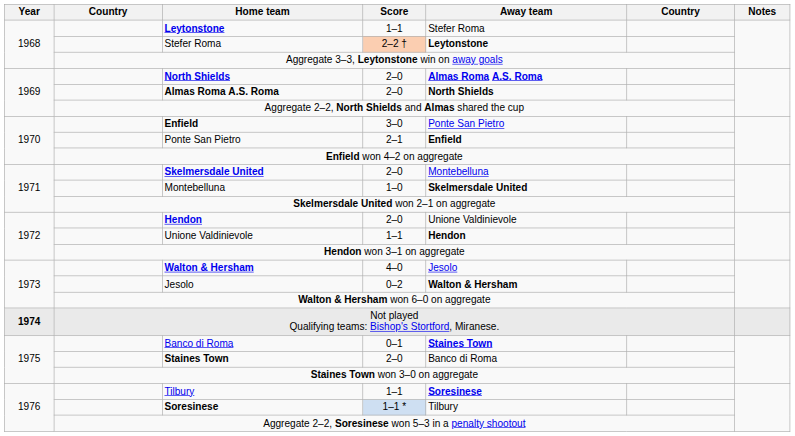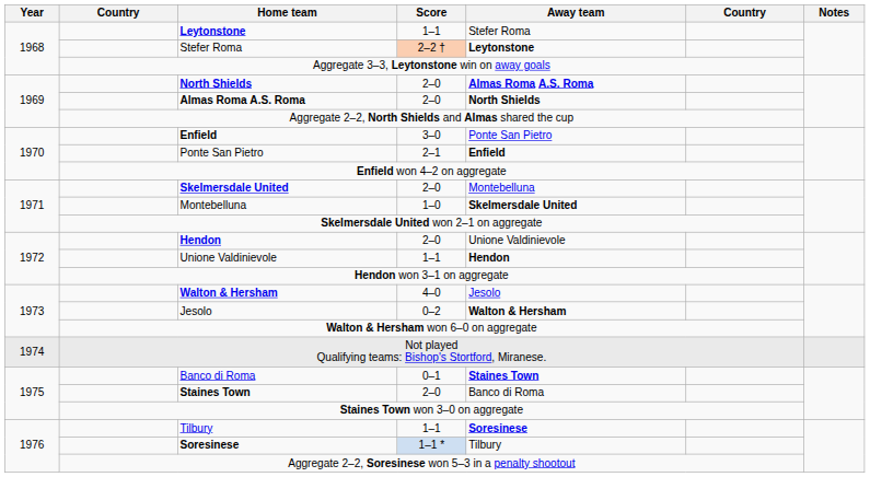 <table class="wikitable">
 <tr>
 <th width=3%>Year</th>
 <th width=7%>Country</th>
 <th width=13%>Home team</th>
 <th width=4%>Score</th>
 <th width=13%>Away team</th>
 <th width=7%>Country</th>
 <th width=3% class="unsortable">Notes</th>
 </tr>
 <tr>
 <td rowspan=3 align=center>1968</td>
 <td></td>
 <td><strong><a href='#'>Leytonstone</a></strong></td>
 <td align=center>1–1</td>
 <td>Stefer Roma</td>
 <td></td>
 <td rowspan=3 align=center></td>
 </tr>
 <tr>
 <td></td>
 <td>Stefer Roma</td>
 <td align=center style="background-color:#FBCEB1">2–2 †</td>
 <td><strong>Leytonstone</strong></td>
 <td></td>
 </tr>
 <tr>
 <td colspan=5 align=center>Aggregate 3–3, <strong>Leytonstone</strong> win on <a href='#'>away goals</a></td>
 </tr>
 <tr>
 <td rowspan=3 align=center>1969</td>
 <td></td>
 <td><strong><a href='#'>North Shields</a></strong></td>
 <td align=center>2–0</td>
 <td><strong><a href='#'>Almas Roma</a></strong> <strong><a href='#'>A.S. Roma</a></strong></td>
 <td></td>
 <td rowspan=3 align=center></td>
 </tr>
 <tr>
 <td></td>
 <td><strong>Almas Roma</strong> <strong>A.S. Roma</strong></td>
 <td align=center>2–0</td>
 <td><strong>North Shields</strong></td>
 <td></td>
 </tr>
 <tr>
 <td colspan=5 align=center>Aggregate 2–2, <strong>North Shields</strong> and <strong>Almas</strong> shared the cup</td>
 </tr>
 <tr>
 <td rowspan=3 align=center>1970</td>
 <td></td>
 <td><strong>Enfield</strong></td>
 <td align=center>3–0</td>
 <td><a href='#'>Ponte San Pietro</a></td>
 <td></td>
 <td rowspan=3 align=center></td>
 </tr>
 <tr>
 <td></td>
 <td>Ponte San Pietro</td>
 <td align=center>2–1</td>
 <td><strong>Enfield</strong></td>
 <td></td>
 </tr>
 <tr>
 <td colspan=5 align=center><strong>Enfield</strong> won 4–2 on aggregate</td>
 </tr>
 <tr>
 <td rowspan=3 align=center>1971</td>
 <td></td>
 <td><strong><a href='#'>Skelmersdale United</a></strong></td>
 <td align=center>2–0</td>
 <td><a href='#'>Montebelluna</a></td>
 <td></td>
 <td rowspan=3 align=center></td>
 </tr>
 <tr>
 <td></td>
 <td>Montebelluna</td>
 <td align=center>1–0</td>
 <td><strong>Skelmersdale United</strong></td>
 <td></td>
 </tr>
 <tr>
 <td colspan=5 align=center><strong>Skelmersdale United</strong> won 2–1 on aggregate</td>
 </tr>
 <tr>
 <td rowspan=3 align=center>1972</td>
 <td></td>
 <td><strong><a href='#'>Hendon</a></strong></td>
 <td align=center>2–0</td>
 <td>Unione Valdinievole</td>
 <td></td>
 <td rowspan=3 align=center></td>
 </tr>
 <tr>
 <td></td>
 <td>Unione Valdinievole</td>
 <td align=center>1–1</td>
 <td><strong>Hendon</strong></td>
 <td></td>
 </tr>
 <tr>
 <td colspan=5 align=center><strong>Hendon</strong> won 3–1 on aggregate</td>
 </tr>
 <tr>
 <td rowspan=3 align=center>1973</td>
 <td></td>
 <td><strong><a href='#'>Walton & Hersham</a></strong></td>
 <td align=center>4–0</td>
 <td><a href='#'>Jesolo</a></td>
 <td></td>
 <td rowspan=3 align=center></td>
 </tr>
 <tr>
 <td></td>
 <td>Jesolo</td>
 <td align=center>0–2</td>
 <td><strong>Walton & Hersham</strong></td>
 <td></td>
 </tr>
 <tr>
 <td colspan=5 align=center><strong>Walton & Hersham</strong> won 6–0 on aggregate</td>
 </tr>
 <tr>
-<td align=center bgcolor=EAEAEA><strong>1974</strong></td>
+<td align=center bgcolor=EAEAEA>1974</td>
 <td colspan=5 align=center bgcolor=EAEAEA>Not played<br>Qualifying teams:  <a href='#'>Bishop's Stortford</a>,  Miranese.</td>
 <td align=center bgcolor=EAEAEA></td>
 </tr>
 <tr>
 <td rowspan=3 align=center>1975</td>
 <td></td>
 <td><a href='#'>Banco di Roma</a></td>
 <td align=center>0–1</td>
 <td><strong><a href='#'>Staines Town</a></strong></td>
 <td></td>
 <td rowspan=3 align=center></td>
 </tr>
 <tr>
 <td></td>
 <td><strong>Staines Town</strong></td>
 <td align=center>2–0</td>
 <td>Banco di Roma</td>
 <td></td>
 </tr>
 <tr>
 <td colspan=5 align=center><strong>Staines Town</strong> won 3–0 on aggregate</td>
 </tr>
 <tr>
 <td rowspan=3 align=center>1976</td>
 <td></td>
 <td><a href='#'>Tilbury</a></td>
 <td align=center>1–1</td>
 <td><strong><a href='#'>Soresinese</a></strong></td>
 <td></td>
 <td rowspan=3 align=center></td>
 </tr>
 <tr>
 <td></td>
 <td><strong>Soresinese</strong></td>
 <td align=center style="background-color:#cedff2">1–1 *</td>
 <td>Tilbury</td>
 <td></td>
 </tr>
 <tr>
 <td colspan=5 align=center>Aggregate 2–2, <strong>Soresinese</strong> won 5–3 in a <a href='#'>penalty shootout</a></td>
 </tr>
 </table>
